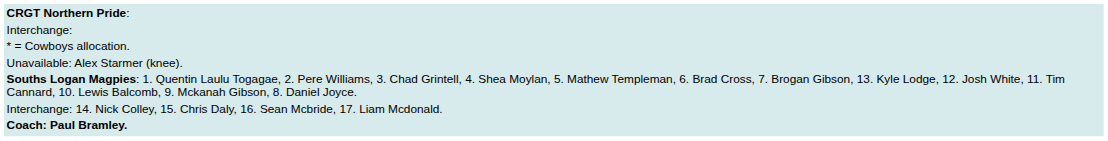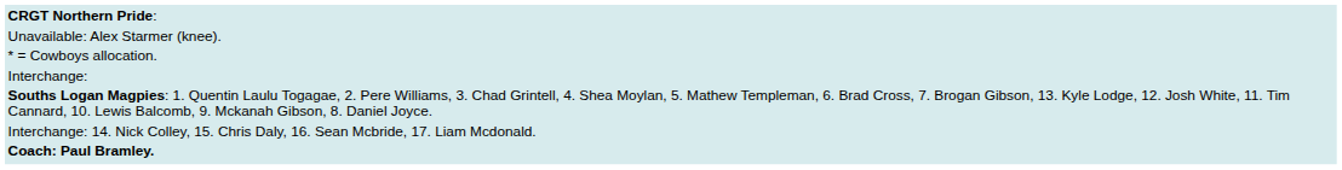 <table style="background:#d7ebed; font-size:85%;  width:100%;">
 <tr>
 <td><strong>CRGT Northern Pride</strong>:             </td>
 </tr>
 <tr>
-<td>Interchange:    </td>
+<td>Unavailable: Alex Starmer (knee).</td>
 </tr>
 <tr>
 <td>* = Cowboys allocation.</td>
 </tr>
 <tr>
-<td>Unavailable: Alex Starmer (knee).</td>
+<td>Interchange:    </td>
 </tr>
 <tr>
 <td><strong>Souths Logan Magpies</strong>: 1. Quentin Laulu Togagae, 2. Pere Williams, 3. Chad Grintell, 4. Shea Moylan, 5. Mathew Templeman, 6. Brad Cross, 7. Brogan Gibson, 13. Kyle Lodge, 12. Josh White, 11. Tim Cannard, 10. Lewis Balcomb, 9. Mckanah Gibson, 8. Daniel Joyce.</td>
 </tr>
 <tr>
 <td>Interchange: 14. Nick Colley, 15. Chris Daly, 16. Sean Mcbride, 17. Liam Mcdonald.</td>
 </tr>
 <tr>
 <td><strong>Coach: Paul Bramley.</strong></td>
 </tr>
 <tr>
 </tr>
 </table>
